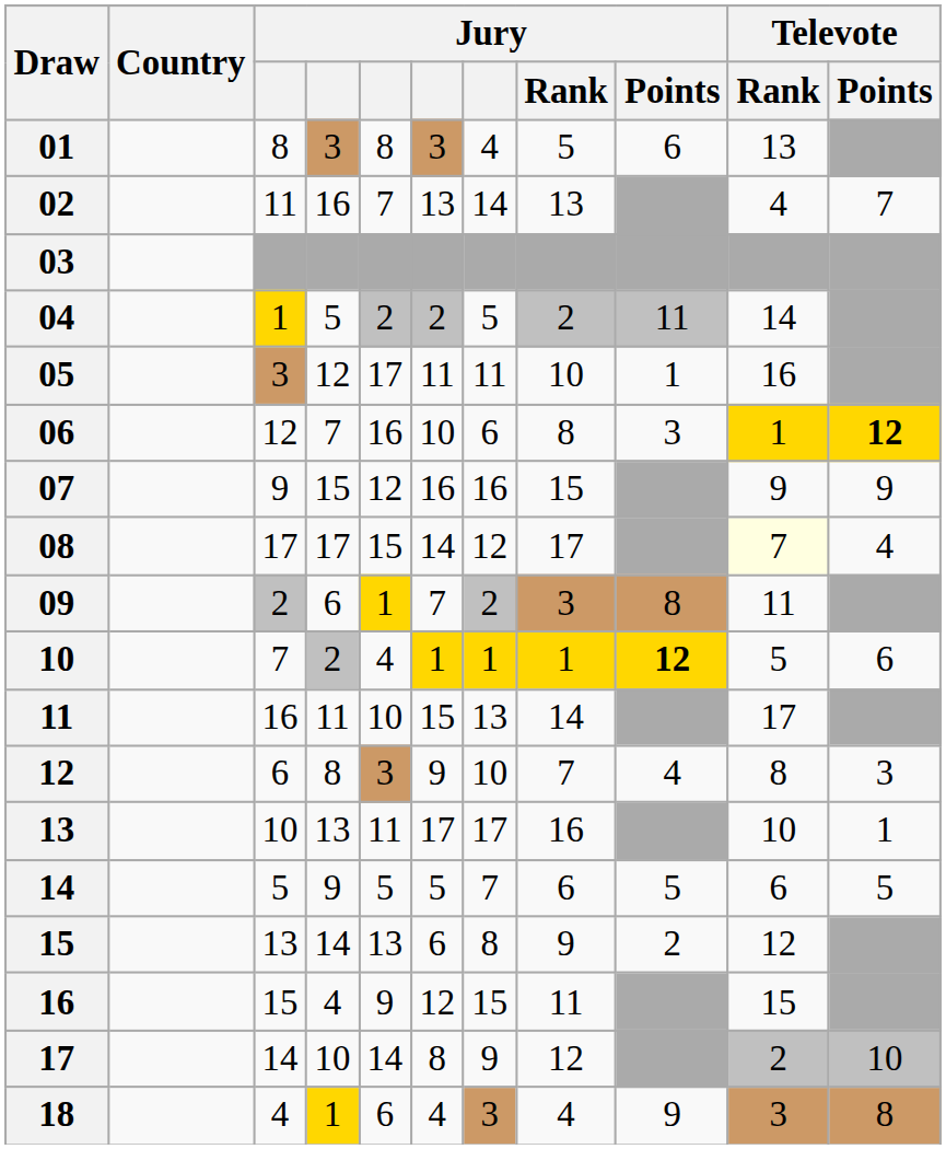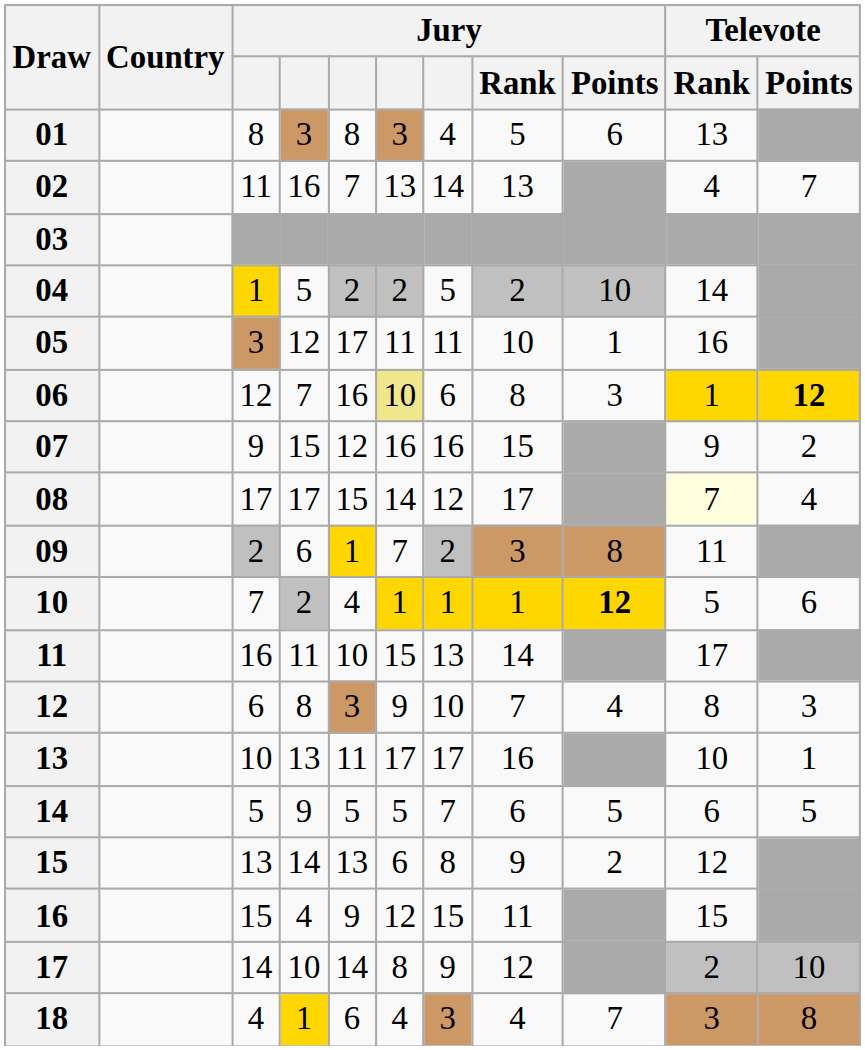 <table class="sortable wikitable collapsible plainrowheaders" style="text-align:center;">
 <tr>
 </tr>
 <tr>
 <th scope="col" rowspan="2">Draw</th>
 <th scope="col" rowspan="2">Country</th>
 <th scope="col" colspan="7">Jury</th>
 <th scope="col" colspan="2">Televote</th>
 </tr>
 <tr>
 <th scope="col"><small></small></th>
 <th scope="col"><small></small></th>
 <th scope="col"><small></small></th>
 <th scope="col"><small></small></th>
 <th scope="col"><small></small></th>
 <th scope="col">Rank</th>
 <th scope="col">Points</th>
 <th scope="col">Rank</th>
 <th scope="col">Points</th>
 </tr>
 <tr>
 <th scope="row" style="text-align:center;">01</th>
 <td style="text-align:left;"></td>
 <td>8</td>
 <td style="background:#CC9966;">3</td>
 <td>8</td>
 <td style="background:#CC9966;">3</td>
 <td>4</td>
 <td>5</td>
 <td>6</td>
 <td>13</td>
 <td style="background:#AAAAAA;"></td>
 </tr>
 <tr>
 <th scope="row" style="text-align:center;">02</th>
 <td style="text-align:left;"></td>
 <td>11</td>
 <td>16</td>
 <td>7</td>
 <td>13</td>
 <td>14</td>
 <td>13</td>
 <td style="background:#AAAAAA;"></td>
 <td>4</td>
 <td>7</td>
 </tr>
 <tr class="sortbottom">
 <th scope="row" style="text-align:center;">03</th>
 <td style="text-align:left;"></td>
 <td style="background:#AAAAAA;"></td>
 <td style="background:#AAAAAA;"></td>
 <td style="background:#AAAAAA;"></td>
 <td style="background:#AAAAAA;"></td>
 <td style="background:#AAAAAA;"></td>
 <td style="background:#AAAAAA;"></td>
 <td style="background:#AAAAAA;"></td>
 <td style="background:#AAAAAA;"></td>
 <td style="background:#AAAAAA;"></td>
 </tr>
 <tr>
 <th scope="row" style="text-align:center;">04</th>
 <td style="text-align:left;"></td>
 <td style="background:gold;">1</td>
 <td>5</td>
 <td style="background:silver;">2</td>
 <td style="background:silver;">2</td>
 <td>5</td>
 <td style="background:silver;">2</td>
-<td style="background:silver;">11</td>
+<td style="background:silver;">10</td>
 <td>14</td>
 <td style="background:#AAAAAA;"></td>
 </tr>
 <tr>
 <th scope="row" style="text-align:center;">05</th>
 <td style="text-align:left;"></td>
 <td style="background:#CC9966;">3</td>
 <td>12</td>
 <td>17</td>
 <td>11</td>
 <td>11</td>
 <td>10</td>
 <td>1</td>
 <td>16</td>
 <td style="background:#AAAAAA;"></td>
 </tr>
 <tr>
 <th scope="row" style="text-align:center;">06</th>
 <td style="text-align:left;"></td>
 <td>12</td>
 <td>7</td>
 <td>16</td>
-<td>10</td>
+<td style="background: khaki;">10</td>
 <td>6</td>
 <td>8</td>
 <td>3</td>
 <td style="background:gold;">1</td>
 <td style="background:gold;"><strong>12</strong></td>
 </tr>
 <tr>
 <th scope="row" style="text-align:center;">07</th>
 <td style="text-align:left;"></td>
 <td>9</td>
 <td>15</td>
 <td>12</td>
 <td>16</td>
 <td>16</td>
 <td>15</td>
 <td style="background:#AAAAAA;"></td>
 <td>9</td>
-<td>9</td>
+<td>2</td>
 </tr>
 <tr>
 <th scope="row" style="text-align:center;">08</th>
 <td style="text-align:left;"></td>
 <td>17</td>
 <td>17</td>
 <td>15</td>
 <td>14</td>
 <td>12</td>
 <td>17</td>
 <td style="background:#AAAAAA;"></td>
 <td style="background: lightyellow;">7</td>
 <td>4</td>
 </tr>
 <tr>
 <th scope="row" style="text-align:center;">09</th>
 <td style="text-align:left;"></td>
 <td style="background:silver;">2</td>
 <td>6</td>
 <td style="background:gold;">1</td>
 <td>7</td>
 <td style="background:silver;">2</td>
 <td style="background:#CC9966;">3</td>
 <td style="background:#CC9966;">8</td>
 <td>11</td>
 <td style="background:#AAAAAA;"></td>
 </tr>
 <tr>
 <th scope="row" style="text-align:center;">10</th>
 <td style="text-align:left;"></td>
 <td>7</td>
 <td style="background:silver;">2</td>
 <td>4</td>
 <td style="background:gold;">1</td>
 <td style="background:gold;">1</td>
 <td style="background:gold;">1</td>
 <td style="background:gold;"><strong>12</strong></td>
 <td>5</td>
 <td>6</td>
 </tr>
 <tr>
 <th scope="row" style="text-align:center;">11</th>
 <td style="text-align:left;"></td>
 <td>16</td>
 <td>11</td>
 <td>10</td>
 <td>15</td>
 <td>13</td>
 <td>14</td>
 <td style="background:#AAAAAA;"></td>
 <td>17</td>
 <td style="background:#AAAAAA;"></td>
 </tr>
 <tr>
 <th scope="row" style="text-align:center;">12</th>
 <td style="text-align:left;"></td>
 <td>6</td>
 <td>8</td>
 <td style="background:#CC9966;">3</td>
 <td>9</td>
 <td>10</td>
 <td>7</td>
 <td>4</td>
 <td>8</td>
 <td>3</td>
 </tr>
 <tr>
 <th scope="row" style="text-align:center;">13</th>
 <td style="text-align:left;"></td>
 <td>10</td>
 <td>13</td>
 <td>11</td>
 <td>17</td>
 <td>17</td>
 <td>16</td>
 <td style="background:#AAAAAA;"></td>
 <td>10</td>
 <td>1</td>
 </tr>
 <tr>
 <th scope="row" style="text-align:center;">14</th>
 <td style="text-align:left;"></td>
 <td>5</td>
 <td>9</td>
 <td>5</td>
 <td>5</td>
 <td>7</td>
 <td>6</td>
 <td>5</td>
 <td>6</td>
 <td>5</td>
 </tr>
 <tr>
 <th scope="row" style="text-align:center;">15</th>
 <td style="text-align:left;"></td>
 <td>13</td>
 <td>14</td>
 <td>13</td>
 <td>6</td>
 <td>8</td>
 <td>9</td>
 <td>2</td>
 <td>12</td>
 <td style="background:#AAAAAA;"></td>
 </tr>
 <tr>
 <th scope="row" style="text-align:center;">16</th>
 <td style="text-align:left;"></td>
 <td>15</td>
 <td>4</td>
 <td>9</td>
 <td>12</td>
 <td>15</td>
 <td>11</td>
 <td style="background:#AAAAAA;"></td>
 <td>15</td>
 <td style="background:#AAAAAA;"></td>
 </tr>
 <tr>
 <th scope="row" style="text-align:center;">17</th>
 <td style="text-align:left;"></td>
 <td>14</td>
 <td>10</td>
 <td>14</td>
 <td>8</td>
 <td>9</td>
 <td>12</td>
 <td style="background:#AAAAAA;"></td>
 <td style="background:silver;">2</td>
 <td style="background:silver;">10</td>
 </tr>
 <tr>
 <th scope="row" style="text-align:center;">18</th>
 <td style="text-align:left;"></td>
 <td>4</td>
 <td style="background:gold;">1</td>
 <td>6</td>
 <td>4</td>
 <td style="background:#CC9966;">3</td>
 <td>4</td>
-<td>9</td>
+<td>7</td>
 <td style="background:#CC9966;">3</td>
 <td style="background:#CC9966;">8</td>
 </tr>
 </table>
